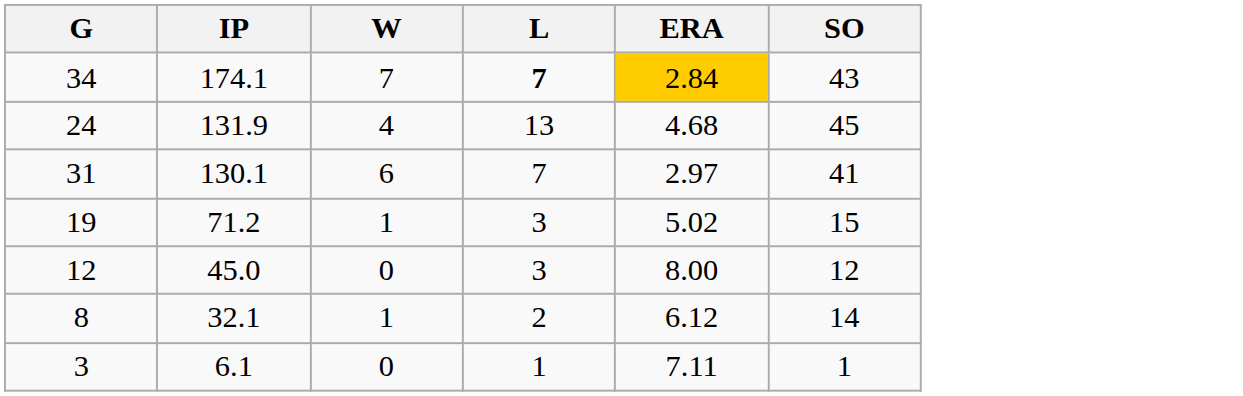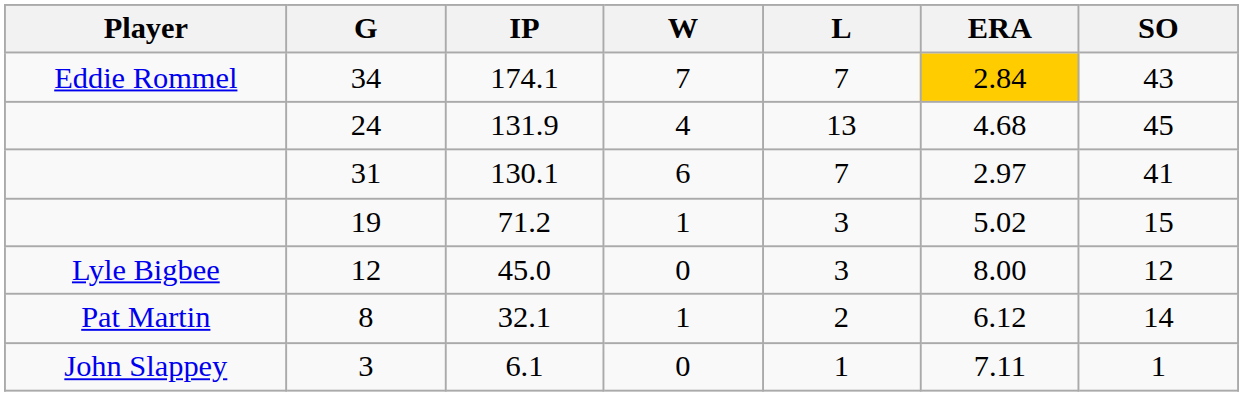 <table class="wikitable sortable">
 <tr>
+<th bgcolor="#DDDDFF" width="16%">Player</th>
 <th bgcolor="#DDDDFF" width="9%">G</th>
 <th bgcolor="#DDDDFF" width="9%">IP</th>
 <th bgcolor="#DDDDFF" width="9%">W</th>
 <th bgcolor="#DDDDFF" width="9%">L</th>
 <th bgcolor="#DDDDFF" width="9%">ERA</th>
 <th bgcolor="#DDDDFF" width="9%">SO</th>
 </tr>
 <tr align="center">
+<td><a href='#'>Eddie Rommel</a></td>
 <td>34</td>
 <td>174.1</td>
 <td>7</td>
-<td><strong>7</strong></td>
+<td>7</td>
 <td style="background:#fc0;">2.84</td>
 <td>43</td>
 </tr>
 <tr align=center>
+<td></td>
 <td>24</td>
 <td>131.9</td>
 <td>4</td>
 <td>13</td>
 <td>4.68</td>
 <td>45</td>
 </tr>
 <tr align="center">
+<td></td>
 <td>31</td>
 <td>130.1</td>
 <td>6</td>
 <td>7</td>
 <td>2.97</td>
 <td>41</td>
 </tr>
 <tr align="center">
+<td></td>
 <td>19</td>
 <td>71.2</td>
 <td>1</td>
 <td>3</td>
 <td>5.02</td>
 <td>15</td>
 </tr>
 <tr align="center">
+<td><a href='#'>Lyle Bigbee</a></td>
 <td>12</td>
 <td>45.0</td>
 <td>0</td>
 <td>3</td>
 <td>8.00</td>
 <td>12</td>
 </tr>
 <tr align=center>
+<td><a href='#'>Pat Martin</a></td>
 <td>8</td>
 <td>32.1</td>
 <td>1</td>
 <td>2</td>
 <td>6.12</td>
 <td>14</td>
 </tr>
 <tr align=center>
+<td><a href='#'>John Slappey</a></td>
 <td>3</td>
 <td>6.1</td>
 <td>0</td>
 <td>1</td>
 <td>7.11</td>
 <td>1</td>
 </tr>
 </table>
